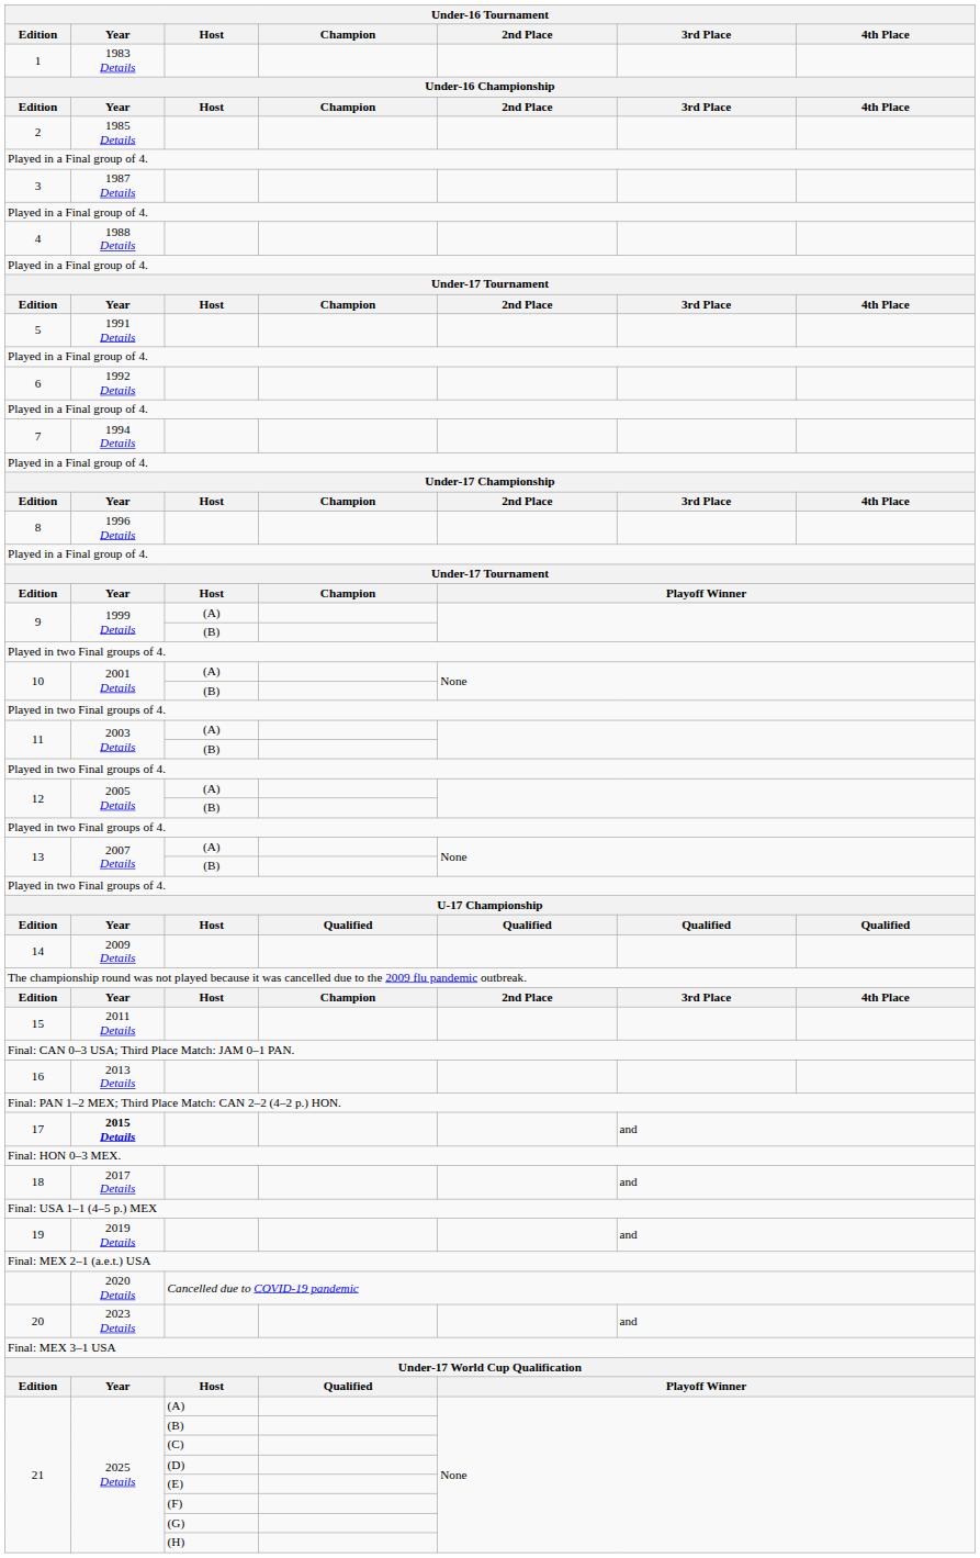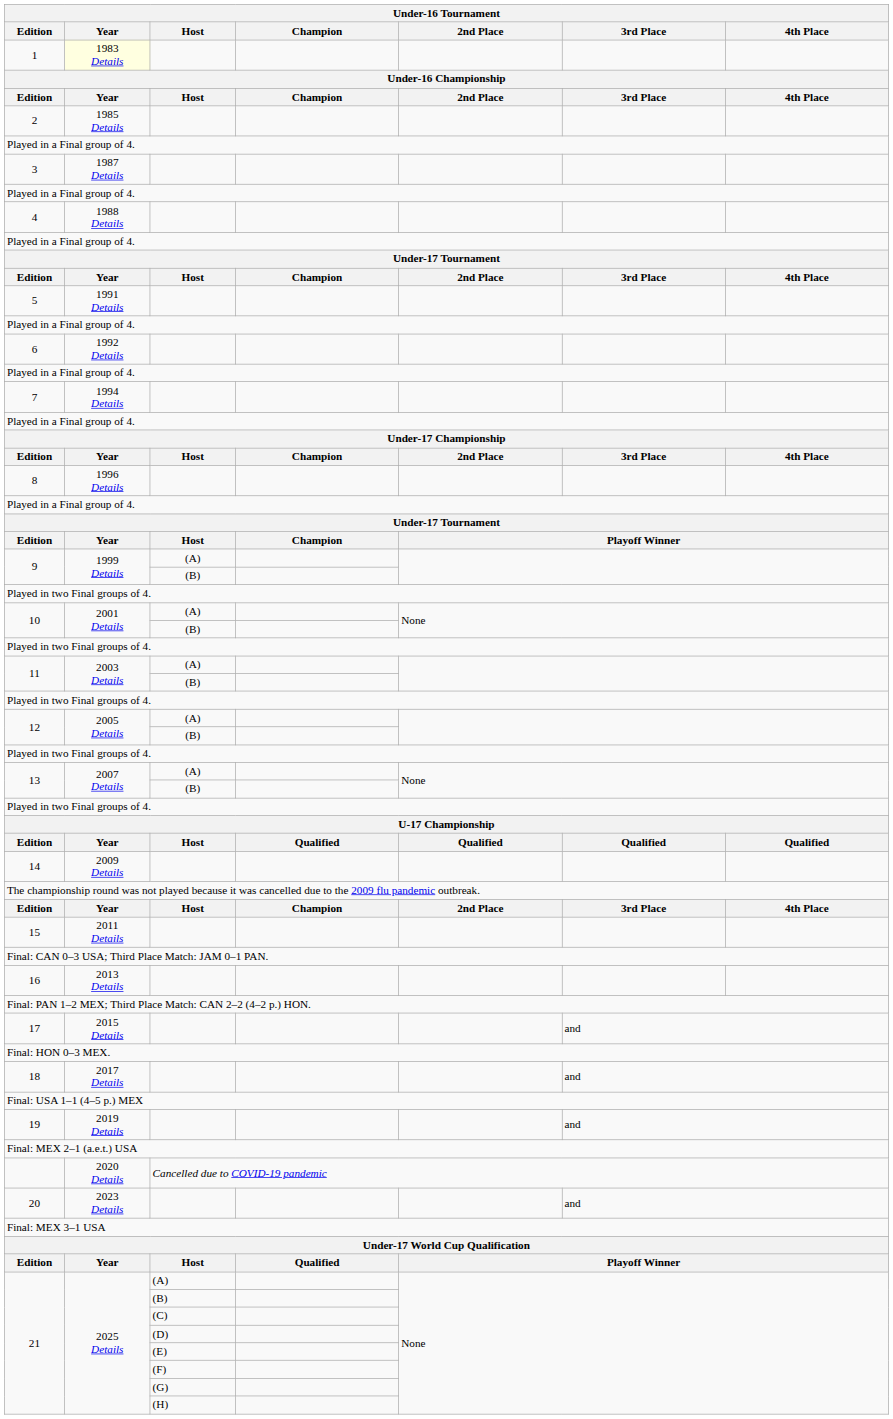 <table class="wikitable" width="100%">
 <tr>
 <th colspan="7">Under-16 Tournament</th>
 </tr>
 <tr>
 <th width="30">Edition</th>
 <th width="75">Year</th>
 <th width="75">Host</th>
 <th width="150">Champion</th>
 <th width="150">2nd Place</th>
 <th width="150">3rd Place</th>
 <th width="150">4th Place</th>
 </tr>
 <tr>
 <td align="center">1</td>
-<td align="center">1983<br><a href='#'><em>Details</em></a></td>
+<td align="center" style="background: lightyellow;">1983<br><a href='#'><em>Details</em></a></td>
 <td align="center"></td>
 <td></td>
 <td></td>
 <td></td>
 <td></td>
 </tr>
 <tr>
 <th colspan="7">Under-16 Championship</th>
 </tr>
 <tr>
 <th width="30">Edition</th>
 <th width="75">Year</th>
 <th width="75">Host</th>
 <th width="150">Champion</th>
 <th width="150">2nd Place</th>
 <th width="150">3rd Place</th>
 <th width="150">4th Place</th>
 </tr>
 <tr>
 <td align="center">2</td>
 <td align="center">1985<br><a href='#'><em>Details</em></a></td>
 <td align="center"></td>
 <td></td>
 <td></td>
 <td></td>
 <td></td>
 </tr>
 <tr>
 <td colspan="7">Played in a Final group of 4.</td>
 </tr>
 <tr>
 <td align="center">3</td>
 <td align="center">1987<br><a href='#'><em>Details</em></a></td>
 <td align="center"></td>
 <td></td>
 <td></td>
 <td></td>
 <td></td>
 </tr>
 <tr>
 <td colspan="7">Played in a Final group of 4.</td>
 </tr>
 <tr>
 <td align="center">4</td>
 <td align="center">1988<br><a href='#'><em>Details</em></a></td>
 <td align="center"></td>
 <td></td>
 <td></td>
 <td></td>
 <td></td>
 </tr>
 <tr>
 <td colspan="7">Played in a Final group of 4.</td>
 </tr>
 <tr>
 <th colspan="7">Under-17 Tournament</th>
 </tr>
 <tr>
 <th width="30">Edition</th>
 <th width="75">Year</th>
 <th width="75">Host</th>
 <th width="150">Champion</th>
 <th width="150">2nd Place</th>
 <th width="150">3rd Place</th>
 <th width="150">4th Place</th>
 </tr>
 <tr>
 <td align="center">5</td>
 <td align="center">1991<br><a href='#'><em>Details</em></a></td>
 <td align="center"></td>
 <td></td>
 <td></td>
 <td></td>
 <td></td>
 </tr>
 <tr>
 <td colspan="7">Played in a Final group of 4.</td>
 </tr>
 <tr>
 <td align="center">6</td>
 <td align="center">1992<br><a href='#'><em>Details</em></a></td>
 <td align="center"></td>
 <td></td>
 <td></td>
 <td></td>
 <td></td>
 </tr>
 <tr>
 <td colspan="7">Played in a Final group of 4.</td>
 </tr>
 <tr>
 <td align="center">7</td>
 <td align="center">1994<br><a href='#'><em>Details</em></a></td>
 <td align="center"></td>
 <td></td>
 <td></td>
 <td></td>
 <td></td>
 </tr>
 <tr>
 <td colspan="7">Played in a Final group of 4.</td>
 </tr>
 <tr>
 <th colspan="8">Under-17 Championship</th>
 </tr>
 <tr>
 <th width="30">Edition</th>
 <th width="75">Year</th>
 <th width="75">Host</th>
 <th width="150">Champion</th>
 <th width="150">2nd Place</th>
 <th width="150">3rd Place</th>
 <th width="150">4th Place</th>
 </tr>
 <tr>
 <td align="center">8</td>
 <td align="center">1996<br><a href='#'><em>Details</em></a></td>
 <td align="center"></td>
 <td></td>
 <td></td>
 <td></td>
 <td></td>
 </tr>
 <tr>
 <td colspan="7">Played in a Final group of 4.</td>
 </tr>
 <tr>
 <th colspan="7">Under-17 Tournament</th>
 </tr>
 <tr>
 <th width="30">Edition</th>
 <th width="75">Year</th>
 <th width="75">Host</th>
 <th width="150">Champion</th>
 <th width="150" colspan="3">Playoff Winner</th>
 </tr>
 <tr>
 <td align="center" rowspan="2">9</td>
 <td align="center" rowspan="2">1999<br><a href='#'><em>Details</em></a></td>
 <td align="center"> (A)</td>
 <td></td>
 <td rowspan="2" colspan="3"></td>
 </tr>
 <tr>
 <td align="center"> (B)</td>
 <td></td>
 </tr>
 <tr>
 <td colspan="7">Played in two Final groups of 4.</td>
 </tr>
 <tr>
 <td align="center" rowspan="2">10</td>
 <td align="center" rowspan="2">2001<br><a href='#'><em>Details</em></a></td>
 <td align="center"> (A)</td>
 <td></td>
 <td rowspan="2" colspan="3">None</td>
 </tr>
 <tr>
 <td align="center"> (B)</td>
 <td></td>
 </tr>
 <tr>
 <td colspan="7">Played in two Final groups of 4.</td>
 </tr>
 <tr>
 <td align="center" rowspan="2">11</td>
 <td align="center" rowspan="2">2003<br><a href='#'><em>Details</em></a></td>
 <td align="center"> (A)</td>
 <td></td>
 <td rowspan="2" colspan="3"></td>
 </tr>
 <tr>
 <td align="center"> (B)</td>
 <td></td>
 </tr>
 <tr>
 <td colspan="7">Played in two Final groups of 4.</td>
 </tr>
 <tr>
 <td align="center" rowspan="2">12</td>
 <td align="center" rowspan="2">2005<br><a href='#'><em>Details</em></a></td>
 <td align="center"> (A)</td>
 <td></td>
 <td rowspan="2" colspan="3"></td>
 </tr>
 <tr>
 <td align="center"> (B)</td>
 <td></td>
 </tr>
 <tr>
 <td colspan="7">Played in two Final groups of 4.</td>
 </tr>
 <tr>
 <td align="center" rowspan="2">13</td>
 <td align="center" rowspan="2">2007<br><a href='#'><em>Details</em></a></td>
 <td align="center"> (A)</td>
 <td></td>
 <td rowspan="2" colspan="3">None</td>
 </tr>
 <tr>
 <td align="center"> (B)</td>
 <td></td>
 </tr>
 <tr>
 <td colspan="7">Played in two Final groups of 4.</td>
 </tr>
 <tr>
 <th colspan="7">U-17 Championship</th>
 </tr>
 <tr>
 <th width="30">Edition</th>
 <th width="75">Year</th>
 <th width="75">Host</th>
 <th width="150">Qualified</th>
 <th width="150">Qualified</th>
 <th width="150">Qualified</th>
 <th width="150">Qualified</th>
 </tr>
 <tr>
 <td align="center">14</td>
 <td align="center">2009<br><a href='#'><em>Details</em></a></td>
 <td align="center"></td>
 <td></td>
 <td></td>
 <td></td>
 <td></td>
 </tr>
 <tr>
 <td colspan="7">The championship round was not played because it was cancelled due to the <a href='#'>2009 flu pandemic</a> outbreak.</td>
 </tr>
 <tr>
 <th width="30">Edition</th>
 <th width="75">Year</th>
 <th width="75">Host</th>
 <th width="150">Champion</th>
 <th width="150">2nd Place</th>
 <th width="150">3rd Place</th>
 <th width="150">4th Place</th>
 </tr>
 <tr>
 <td align="center">15</td>
 <td align="center">2011<br><a href='#'><em>Details</em></a></td>
 <td align="center"></td>
 <td></td>
 <td></td>
 <td></td>
 <td></td>
 </tr>
 <tr>
 <td colspan="7">Final: CAN 0–3 USA; Third Place Match: JAM 0–1 PAN.</td>
 </tr>
 <tr>
 <td align="center">16</td>
 <td align="center">2013<br><a href='#'><em>Details</em></a></td>
 <td align="center"></td>
 <td></td>
 <td></td>
 <td></td>
 <td></td>
 </tr>
 <tr>
 <td colspan="7">Final: PAN 1–2 MEX; Third Place Match: CAN 2–2 (4–2 p.) HON.</td>
 </tr>
 <tr>
 <td align="center">17</td>
-<td align="center"><strong>2015<br><a href='#'><em>Details</em></a></strong></td>
+<td align="center">2015<br><a href='#'><em>Details</em></a></td>
 <td align="center"></td>
 <td></td>
 <td></td>
 <td colspan="2"> and </td>
 </tr>
 <tr>
 <td colspan="7">Final: HON 0–3 MEX.</td>
 </tr>
 <tr>
 <td align="center">18</td>
 <td align="center">2017<br><a href='#'><em>Details</em></a></td>
 <td align="center"></td>
 <td></td>
 <td></td>
 <td colspan="2"> and </td>
 </tr>
 <tr>
 <td colspan="7">Final: USA 1–1 (4–5 p.) MEX</td>
 </tr>
 <tr>
 <td align="center">19</td>
 <td align="center">2019<br><a href='#'><em>Details</em></a></td>
 <td align="center"></td>
 <td></td>
 <td></td>
 <td colspan="2"> and </td>
 </tr>
 <tr>
 <td colspan="7">Final: MEX 2–1 (a.e.t.) USA</td>
 </tr>
 <tr>
 <td align="center"></td>
 <td align="center">2020<br><a href='#'><em>Details</em></a></td>
 <td colspan=5><em>Cancelled due to <a href='#'>COVID-19 pandemic</a></em></td>
 </tr>
 <tr>
 <td align="center">20</td>
 <td align="center">2023<br><a href='#'><em>Details</em></a></td>
 <td align="center"></td>
 <td></td>
 <td></td>
 <td colspan="2"> and </td>
 </tr>
 <tr>
 <td colspan="7">Final: MEX 3–1 USA</td>
 </tr>
 <tr>
 <th colspan="7">Under-17 World Cup Qualification</th>
 </tr>
 <tr>
 <th>Edition</th>
 <th>Year</th>
 <th>Host</th>
 <th>Qualified</th>
 <th colspan="3">Playoff Winner</th>
 </tr>
 <tr>
 <td align="center" rowspan="8">21</td>
 <td align="center" rowspan="8">2025<br><a href='#'><em>Details</em></a></td>
 <td> (A)</td>
 <td></td>
 <td colspan="3" rowspan="8">None</td>
 </tr>
 <tr>
 <td> (B)</td>
 <td></td>
 </tr>
 <tr>
 <td> (C)</td>
 <td></td>
 </tr>
 <tr>
 <td> (D)</td>
 <td></td>
 </tr>
 <tr>
 <td> (E)</td>
 <td></td>
 </tr>
 <tr>
 <td> (F)</td>
 <td></td>
 </tr>
 <tr>
 <td> (G)</td>
 <td></td>
 </tr>
 <tr>
 <td> (H)</td>
 <td></td>
 </tr>
 </table>
